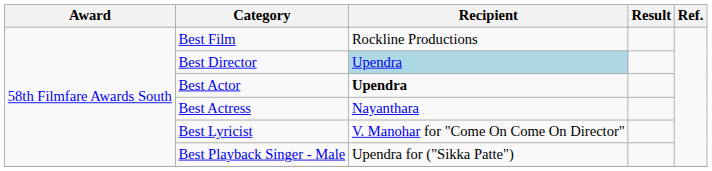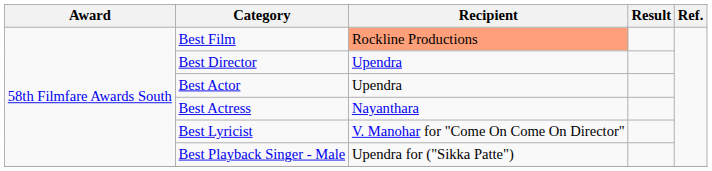 <table class="wikitable sortable">
 <tr>
 <th>Award</th>
 <th>Category</th>
 <th>Recipient</th>
 <th>Result</th>
 <th>Ref.</th>
 </tr>
 <tr>
 <td rowspan=6><a href='#'>58th Filmfare Awards South</a></td>
 <td><a href='#'>Best Film</a></td>
-<td>Rockline Productions</td>
+<td style="background: lightsalmon;">Rockline Productions</td>
 <td></td>
 <td rowspan=6></td>
 </tr>
 <tr>
 <td><a href='#'>Best Director</a></td>
-<td style="background: lightblue;"><a href='#'>Upendra</a></td>
+<td><a href='#'>Upendra</a></td>
 <td></td>
 </tr>
 <tr>
 <td><a href='#'>Best Actor</a></td>
-<td><strong>Upendra</strong></td>
+<td>Upendra</td>
 <td></td>
 </tr>
 <tr>
 <td><a href='#'>Best Actress</a></td>
 <td><a href='#'>Nayanthara</a></td>
 <td></td>
 </tr>
 <tr>
 <td><a href='#'>Best Lyricist</a></td>
 <td><a href='#'>V. Manohar</a> for "Come On Come On Director"</td>
 <td></td>
 </tr>
 <tr>
 <td><a href='#'>Best  Playback Singer - Male</a></td>
 <td>Upendra for ("Sikka Patte")</td>
 <td></td>
 </tr>
 <tr>
 </tr>
 </table>
